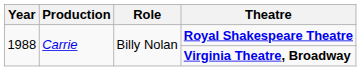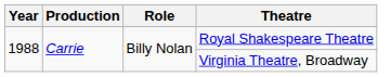 <table class="wikitable">
 <tr>
 <th>Year</th>
 <th>Production</th>
 <th>Role</th>
 <th>Theatre</th>
 </tr>
 <tr>
 <td rowspan=2>1988</td>
 <td rowspan=2><em><a href='#'>Carrie</a></em></td>
 <td rowspan=2>Billy Nolan</td>
-<td><strong><a href='#'>Royal Shakespeare Theatre</a> </strong></td>
+<td><a href='#'>Royal Shakespeare Theatre</a> </td>
 </tr>
 <tr>
-<td><strong><a href='#'>Virginia Theatre</a>, Broadway</strong></td>
+<td><a href='#'>Virginia Theatre</a>, Broadway</td>
 </tr>
 </table>
